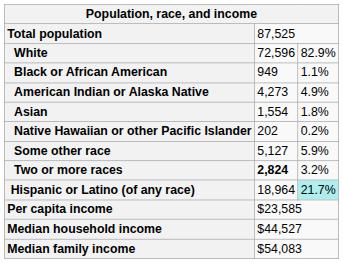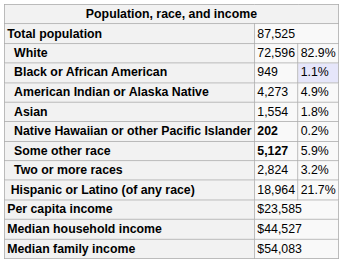 <table class="wikitable collapsible collapsed">
 <tr>
 <th colspan=6>Population, race, and income</th>
 </tr>
 <tr>
 <th scope="row" style="text-align: left;">Total population</th>
 <td colspan=2>87,525</td>
 </tr>
 <tr>
 <th scope="row" style="text-align: left;">  White</th>
 <td>72,596</td>
 <td>82.9%</td>
 </tr>
 <tr>
 <th scope="row" style="text-align: left;">  Black or African American</th>
 <td>949</td>
-<td>1.1%</td>
+<td style="background: lavender;">1.1%</td>
 </tr>
 <tr>
 <th scope="row" style="text-align: left;">  American Indian or Alaska Native</th>
 <td>4,273</td>
 <td>4.9%</td>
 </tr>
 <tr>
 <th scope="row" style="text-align: left;">  Asian</th>
 <td>1,554</td>
 <td>1.8%</td>
 </tr>
 <tr>
 <th scope="row" style="text-align: left;">  Native Hawaiian or other Pacific Islander</th>
-<td>202</td>
+<td><strong>202</strong></td>
 <td>0.2%</td>
 </tr>
 <tr>
 <th scope="row" style="text-align: left;">  Some other race</th>
-<td>5,127</td>
+<td><strong>5,127</strong></td>
 <td>5.9%</td>
 </tr>
 <tr>
 <th scope="row" style="text-align: left;">  Two or more races</th>
-<td><strong>2,824</strong></td>
+<td>2,824</td>
 <td>3.2%</td>
 </tr>
 <tr>
 <th scope="row" style="text-align: left;"> Hispanic or Latino (of any race)</th>
 <td>18,964</td>
-<td style="background: paleturquoise;">21.7%</td>
+<td>21.7%</td>
 </tr>
 <tr>
 <th scope="row" style="text-align: left;">Per capita income</th>
 <td colspan=2>$23,585</td>
 </tr>
 <tr>
 <th scope="row" style="text-align: left;">Median household income</th>
 <td colspan=2>$44,527</td>
 </tr>
 <tr>
 <th scope="row" style="text-align: left;">Median family income</th>
 <td colspan=2>$54,083</td>
 </tr>
 </table>
